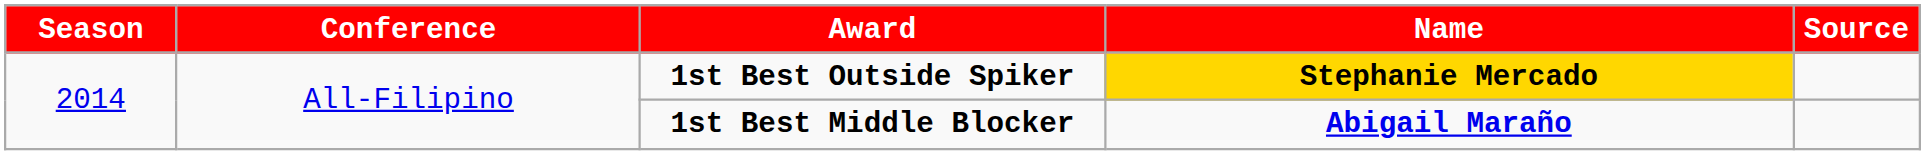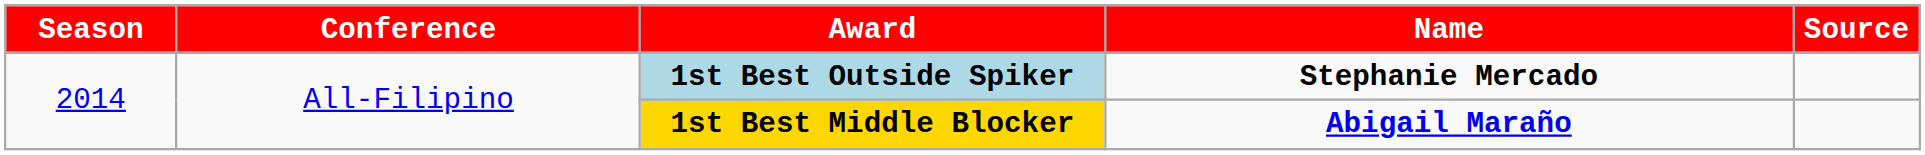 <table class="wikitable">
 <tr>
 <th width=70px style="background: red; color: white; text-align: center"><strong>Season</strong></th>
 <th width=200px style="background: red; color: white; text-align: center"><strong>Conference</strong></th>
 <th width=200px style="background: red; color: white; text-align: center"><strong>Award</strong></th>
 <th width=300px style="background: red; color: white; text-align: center"><strong>Name</strong></th>
 <th width=50px style="background: red; color: white; text-align: center"><strong>Source</strong></th>
 </tr>
 <tr align=center>
 <td rowspan=2><a href='#'>2014</a></td>
 <td rowspan=2><a href='#'>All-Filipino</a></td>
-<td><strong>1st Best Outside Spiker</strong></td>
-<td style="background: gold;"> <strong>Stephanie Mercado</strong></td>
+<td style="background: lightblue;"><strong>1st Best Outside Spiker</strong></td>
+<td> <strong>Stephanie Mercado</strong></td>
 <td></td>
 </tr>
 <tr align=center>
-<td><strong>1st Best Middle Blocker</strong></td>
+<td style="background: gold;"><strong>1st Best Middle Blocker</strong></td>
 <td> <strong><a href='#'>Abigail Maraño</a></strong></td>
 <td></td>
 </tr>
 </table>
